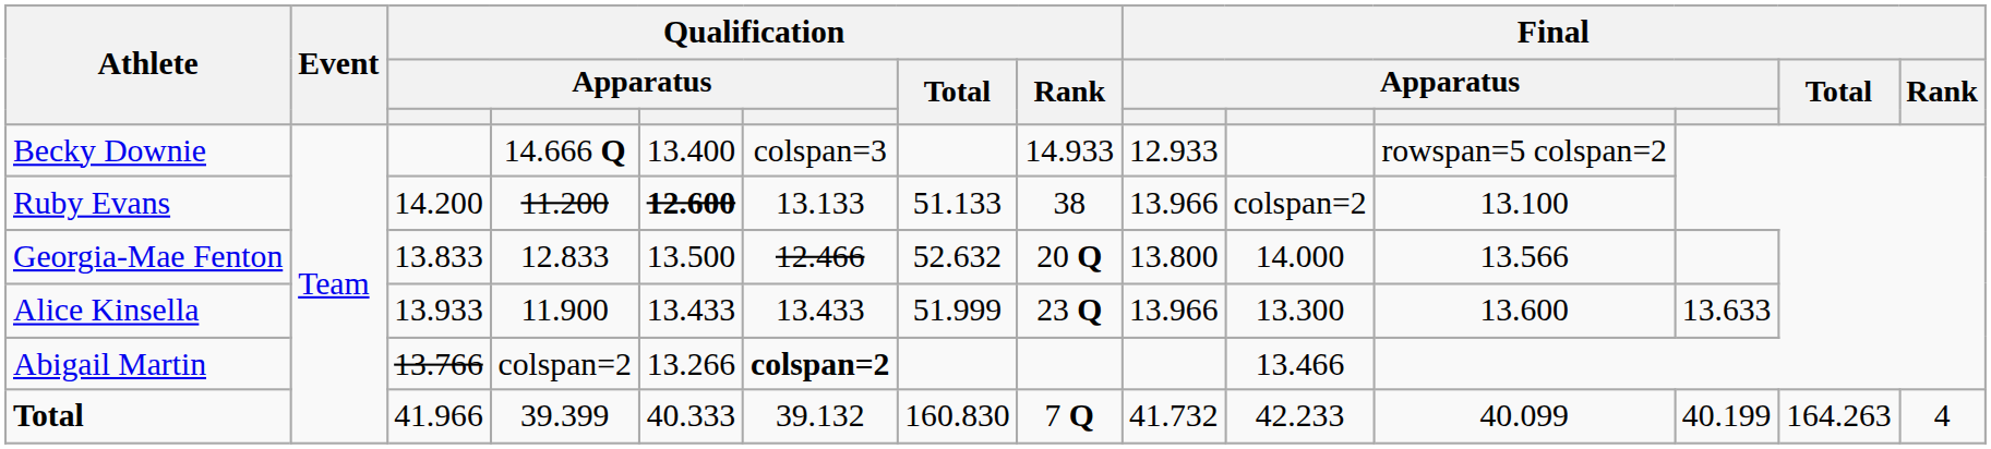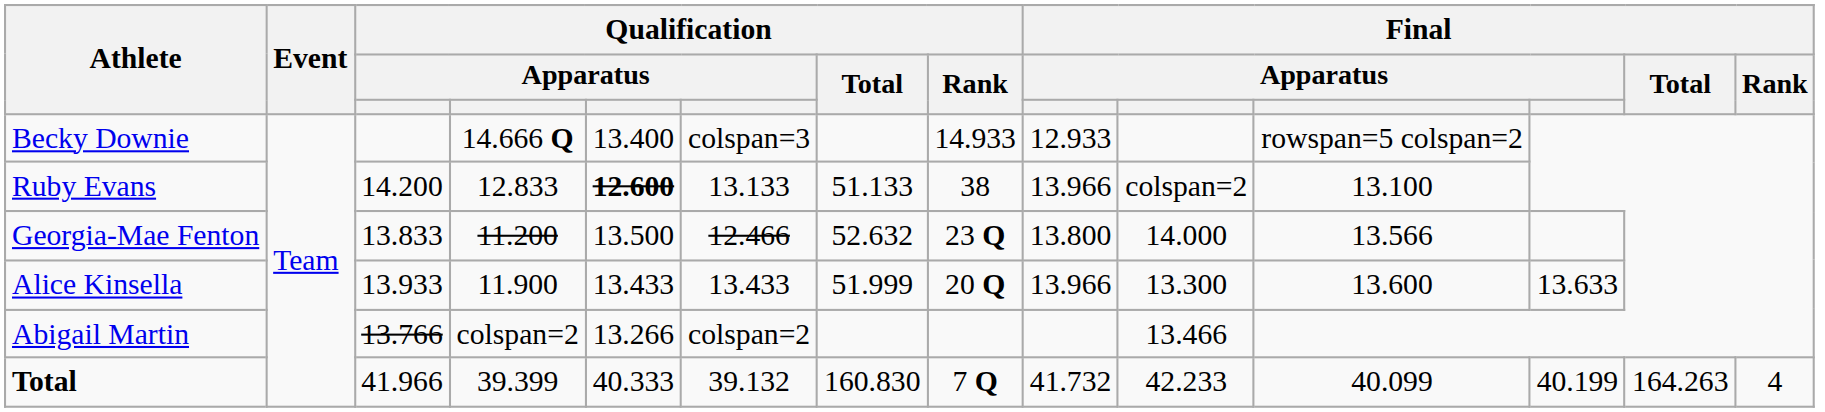 <table class=wikitable style=font-size:90%;text-align:center>
 <tr>
 <th rowspan=3>Athlete</th>
 <th rowspan=3>Event</th>
 <th colspan=6>Qualification</th>
 <th colspan=6>Final</th>
 </tr>
 <tr style=font-size:95%>
 <th colspan=4>Apparatus</th>
 <th rowspan=2>Total</th>
 <th rowspan=2>Rank</th>
 <th colspan=4>Apparatus</th>
 <th rowspan=2>Total</th>
 <th rowspan=2>Rank</th>
 </tr>
 <tr style=font-size:95%>
 <th></th>
 <th></th>
 <th></th>
 <th></th>
 <th></th>
 <th></th>
 <th></th>
 <th></th>
 </tr>
 <tr>
 <td align=left><a href='#'>Becky Downie</a></td>
 <td align=left rowspan=6><a href='#'>Team</a></td>
 <td></td>
 <td>14.666   <strong>Q</strong></td>
 <td>13.400</td>
 <td>colspan=3 </td>
 <td></td>
 <td>14.933</td>
 <td>12.933</td>
 <td></td>
 <td>rowspan=5 colspan=2 </td>
 </tr>
 <tr>
 <td align=left><a href='#'>Ruby Evans</a></td>
 <td>14.200</td>
-<td><s>11.200</s></td>
+<td>12.833</td>
 <td><strong><s>12.600</s></strong></td>
 <td>13.133</td>
 <td>51.133</td>
 <td>38</td>
 <td>13.966</td>
 <td>colspan=2 </td>
 <td>13.100</td>
 </tr>
 <tr>
 <td align=left><a href='#'>Georgia-Mae Fenton</a></td>
 <td>13.833</td>
-<td>12.833</td>
+<td><s>11.200</s></td>
 <td>13.500</td>
 <td><s>12.466</s></td>
 <td>52.632</td>
-<td>20 <strong>Q</strong></td>
+<td>23 <strong>Q</strong></td>
 <td>13.800</td>
 <td>14.000</td>
 <td>13.566</td>
 <td></td>
 </tr>
 <tr>
 <td align=left><a href='#'>Alice Kinsella</a></td>
 <td>13.933</td>
 <td>11.900</td>
 <td>13.433</td>
 <td>13.433</td>
 <td>51.999</td>
-<td>23 <strong>Q</strong></td>
+<td>20 <strong>Q</strong></td>
 <td>13.966</td>
 <td>13.300</td>
 <td>13.600</td>
 <td>13.633</td>
 </tr>
 <tr>
 <td align=left><a href='#'>Abigail Martin</a></td>
 <td><s>13.766</s></td>
 <td>colspan=2 </td>
 <td>13.266</td>
-<td><strong>colspan=2 </strong></td>
+<td>colspan=2 </td>
 <td></td>
 <td></td>
 <td></td>
 <td>13.466</td>
 </tr>
 <tr>
 <td align=left><strong>Total</strong></td>
 <td>41.966</td>
 <td>39.399</td>
 <td>40.333</td>
 <td>39.132</td>
 <td>160.830</td>
 <td>7 <strong>Q</strong></td>
 <td>41.732</td>
 <td>42.233</td>
 <td>40.099</td>
 <td>40.199</td>
 <td>164.263</td>
 <td>4</td>
 </tr>
 </table>
